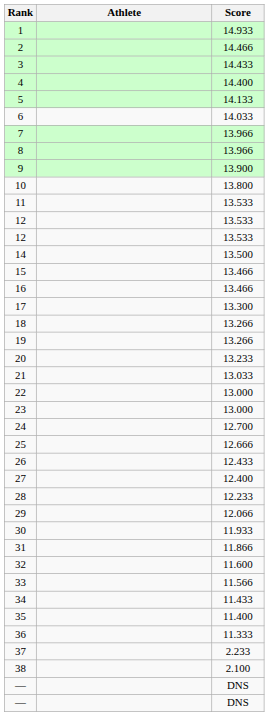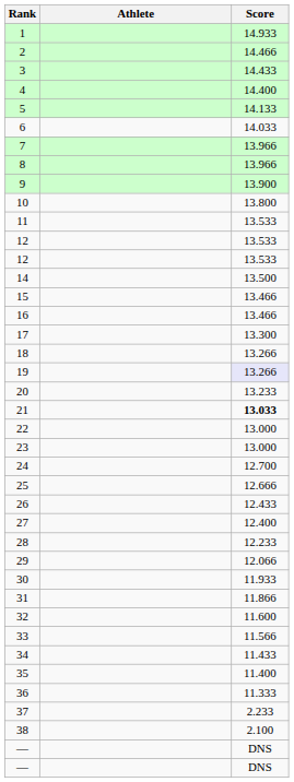 <table class=wikitable style="text-align:center">
 <tr>
 <th width=40>Rank</th>
 <th width=250>Athlete</th>
 <th width=70>Score</th>
 </tr>
 <tr bgcolor="ccffcc">
 <td>1</td>
 <td align=left></td>
 <td>14.933</td>
 </tr>
 <tr bgcolor="ccffcc">
 <td>2</td>
 <td align=left></td>
 <td>14.466</td>
 </tr>
 <tr bgcolor="ccffcc">
 <td>3</td>
 <td align=left></td>
 <td>14.433</td>
 </tr>
 <tr bgcolor="ccffcc">
 <td>4</td>
 <td align=left></td>
 <td>14.400</td>
 </tr>
 <tr bgcolor="ccffcc">
 <td>5</td>
 <td align=left></td>
 <td>14.133</td>
 </tr>
 <tr>
 <td>6</td>
 <td align=left></td>
 <td>14.033</td>
 </tr>
 <tr bgcolor="ccffcc">
 <td>7</td>
 <td align=left></td>
 <td>13.966</td>
 </tr>
 <tr bgcolor="ccffcc">
 <td>8</td>
 <td align=left></td>
 <td>13.966</td>
 </tr>
 <tr bgcolor="ccffcc">
 <td>9</td>
 <td align=left></td>
 <td>13.900</td>
 </tr>
 <tr>
 <td>10</td>
 <td align=left></td>
 <td>13.800</td>
 </tr>
 <tr>
 <td>11</td>
 <td align=left></td>
 <td>13.533</td>
 </tr>
 <tr>
 <td>12</td>
 <td align=left></td>
 <td>13.533</td>
 </tr>
 <tr>
 <td>12</td>
 <td align=left></td>
 <td>13.533</td>
 </tr>
 <tr>
 <td>14</td>
 <td align=left></td>
 <td>13.500</td>
 </tr>
 <tr>
 <td>15</td>
 <td align=left></td>
 <td>13.466</td>
 </tr>
 <tr>
 <td>16</td>
 <td align=left></td>
 <td>13.466</td>
 </tr>
 <tr>
 <td>17</td>
 <td align=left></td>
 <td>13.300</td>
 </tr>
 <tr>
 <td>18</td>
 <td align=left></td>
 <td>13.266</td>
 </tr>
 <tr>
 <td>19</td>
 <td align=left></td>
-<td>13.266</td>
+<td style="background: lavender;">13.266</td>
 </tr>
 <tr>
 <td>20</td>
 <td align=left></td>
 <td>13.233</td>
 </tr>
 <tr>
 <td>21</td>
 <td align=left></td>
-<td>13.033</td>
+<td><strong>13.033</strong></td>
 </tr>
 <tr>
 <td>22</td>
 <td align=left></td>
 <td>13.000</td>
 </tr>
 <tr>
 <td>23</td>
 <td align=left></td>
 <td>13.000</td>
 </tr>
 <tr>
 <td>24</td>
 <td align=left></td>
 <td>12.700</td>
 </tr>
 <tr>
 <td>25</td>
 <td align=left></td>
 <td>12.666</td>
 </tr>
 <tr>
 <td>26</td>
 <td align=left></td>
 <td>12.433</td>
 </tr>
 <tr>
 <td>27</td>
 <td align=left></td>
 <td>12.400</td>
 </tr>
 <tr>
 <td>28</td>
 <td align=left></td>
 <td>12.233</td>
 </tr>
 <tr>
 <td>29</td>
 <td align=left></td>
 <td>12.066</td>
 </tr>
 <tr>
 <td>30</td>
 <td align=left></td>
 <td>11.933</td>
 </tr>
 <tr>
 <td>31</td>
 <td align=left></td>
 <td>11.866</td>
 </tr>
 <tr>
 <td>32</td>
 <td align=left></td>
 <td>11.600</td>
 </tr>
 <tr>
 <td>33</td>
 <td align=left></td>
 <td>11.566</td>
 </tr>
 <tr>
 <td>34</td>
 <td align=left></td>
 <td>11.433</td>
 </tr>
 <tr>
 <td>35</td>
 <td align=left></td>
 <td>11.400</td>
 </tr>
 <tr>
 <td>36</td>
 <td align=left></td>
 <td>11.333</td>
 </tr>
 <tr>
 <td>37</td>
 <td align=left></td>
 <td>2.233</td>
 </tr>
 <tr>
 <td>38</td>
 <td align=left></td>
 <td>2.100</td>
 </tr>
 <tr>
 <td>—</td>
 <td align=left></td>
 <td>DNS</td>
 </tr>
 <tr>
 <td>—</td>
 <td align=left></td>
 <td>DNS</td>
 </tr>
 </table>
